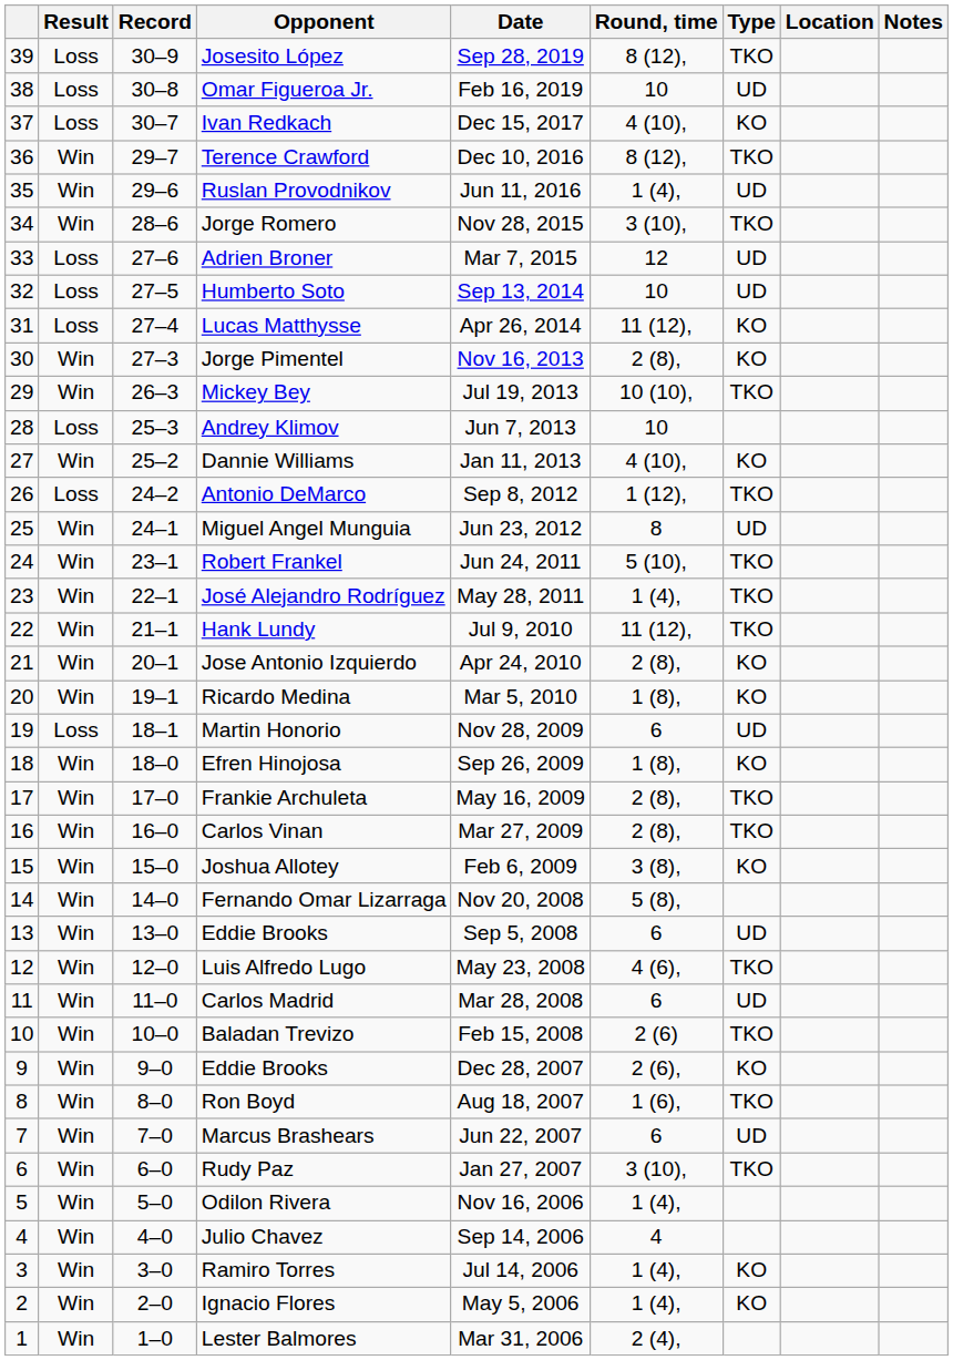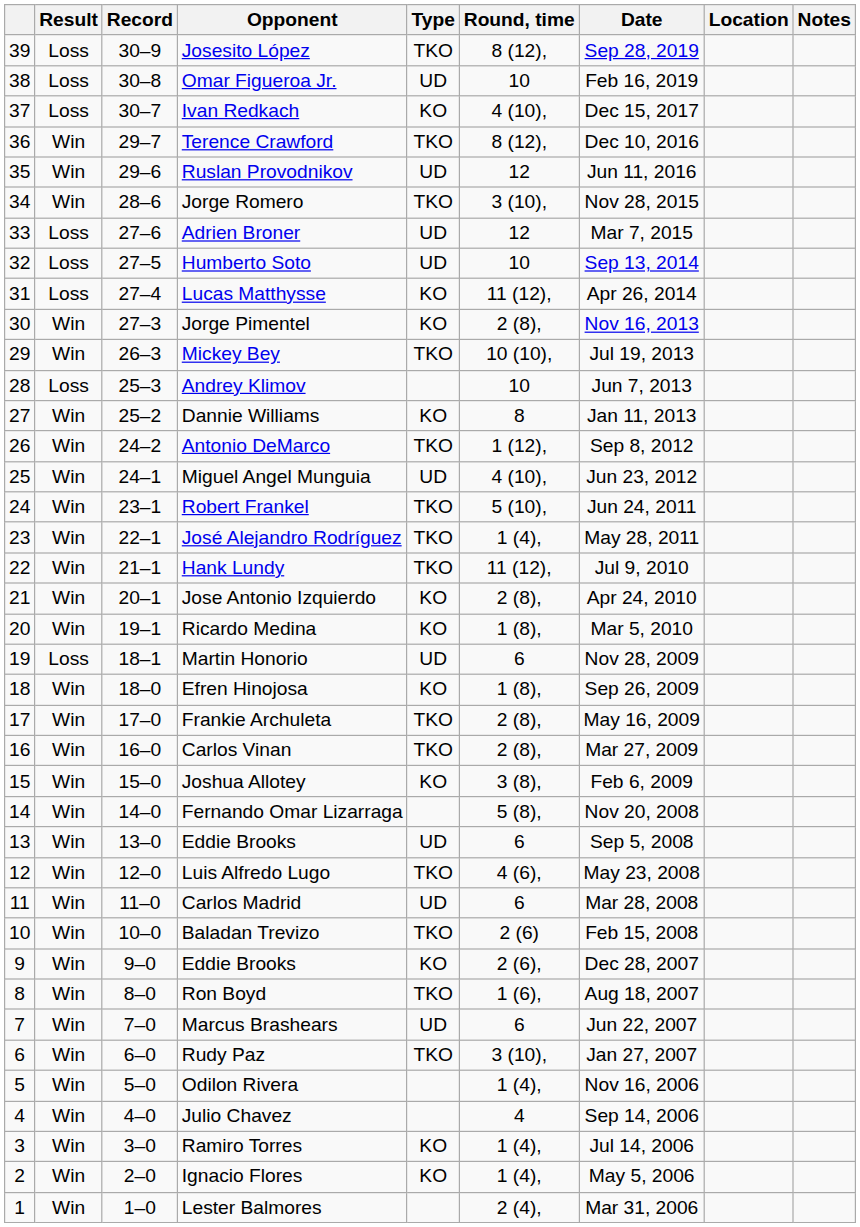 <table class="wikitable" style="text-align:center">
 <tr>
 <th></th>
 <th>Result</th>
 <th>Record</th>
 <th>Opponent</th>
+<th>Type</th>
+<th>Round, time</th>
 <th>Date</th>
-<th>Round, time</th>
-<th>Type</th>
 <th>Location</th>
 <th>Notes</th>
 </tr>
 <tr>
 <td>39</td>
 <td>Loss</td>
 <td>30–9</td>
 <td style="text-align:left;"><a href='#'>Josesito López</a></td>
+<td>TKO</td>
+<td>8 (12), </td>
 <td><a href='#'>Sep 28, 2019</a></td>
-<td>8 (12), </td>
-<td>TKO</td>
 <td style="text-align:left;"></td>
 <td></td>
 </tr>
 <tr>
 <td>38</td>
 <td>Loss</td>
 <td>30–8</td>
 <td style="text-align:left;"><a href='#'>Omar Figueroa Jr.</a></td>
+<td>UD</td>
+<td>10</td>
 <td>Feb 16, 2019</td>
-<td>10</td>
-<td>UD</td>
 <td style="text-align:left;"></td>
 <td></td>
 </tr>
 <tr>
 <td>37</td>
 <td>Loss</td>
 <td>30–7</td>
 <td style="text-align:left;"><a href='#'>Ivan Redkach</a></td>
+<td>KO</td>
+<td>4 (10), </td>
 <td>Dec 15, 2017</td>
-<td>4 (10), </td>
-<td>KO</td>
 <td style="text-align:left;"></td>
 <td></td>
 </tr>
 <tr>
 <td>36</td>
 <td>Win</td>
 <td>29–7</td>
 <td style="text-align:left;"><a href='#'>Terence Crawford</a></td>
+<td>TKO</td>
+<td>8 (12), </td>
 <td>Dec 10, 2016</td>
-<td>8 (12), </td>
-<td>TKO</td>
 <td style="text-align:left;"></td>
 <td style="text-align:left;"></td>
 </tr>
 <tr>
 <td>35</td>
 <td>Win</td>
 <td>29–6</td>
 <td style="text-align:left;"><a href='#'>Ruslan Provodnikov</a></td>
+<td>UD</td>
+<td>12</td>
 <td>Jun 11, 2016</td>
-<td>1 (4), </td>
-<td>UD</td>
 <td style="text-align:left;"></td>
 <td style="text-align:left;"></td>
 </tr>
 <tr>
 <td>34</td>
 <td>Win</td>
 <td>28–6</td>
 <td style="text-align:left;">Jorge Romero</td>
+<td>TKO</td>
+<td>3 (10), </td>
 <td>Nov 28, 2015</td>
-<td>3 (10), </td>
-<td>TKO</td>
 <td style="text-align:left;"></td>
 <td></td>
 </tr>
 <tr>
 <td>33</td>
 <td>Loss</td>
 <td>27–6</td>
 <td style="text-align:left;"><a href='#'>Adrien Broner</a></td>
+<td>UD</td>
+<td>12</td>
 <td>Mar 7, 2015</td>
-<td>12</td>
-<td>UD</td>
 <td style ="text-align:left;"></td>
 <td></td>
 </tr>
 <tr>
 <td>32</td>
 <td>Loss</td>
 <td>27–5</td>
 <td style="text-align:left;"><a href='#'>Humberto Soto</a></td>
+<td>UD</td>
+<td>10</td>
 <td><a href='#'>Sep 13, 2014</a></td>
-<td>10</td>
-<td>UD</td>
 <td style="text-align:left;"></td>
 <td></td>
 </tr>
 <tr>
 <td>31</td>
 <td>Loss</td>
 <td>27–4</td>
 <td style="text-align:left;"><a href='#'>Lucas Matthysse</a></td>
+<td>KO</td>
+<td>11 (12), </td>
 <td>Apr 26, 2014</td>
-<td>11 (12), </td>
-<td>KO</td>
 <td style="text-align:left;"></td>
 <td style="text-align:left;"></td>
 </tr>
 <tr>
 <td>30</td>
 <td>Win</td>
 <td>27–3</td>
 <td style="text-align:left;">Jorge Pimentel</td>
+<td>KO</td>
+<td>2 (8), </td>
 <td><a href='#'>Nov 16, 2013</a></td>
-<td>2 (8), </td>
-<td>KO</td>
 <td style="text-align:left;"></td>
 <td></td>
 </tr>
 <tr>
 <td>29</td>
 <td>Win</td>
 <td>26–3</td>
 <td style="text-align:left;"><a href='#'>Mickey Bey</a></td>
+<td>TKO</td>
+<td>10 (10), </td>
 <td>Jul 19, 2013</td>
-<td>10 (10), </td>
-<td>TKO</td>
 <td style="text-align:left;"></td>
 <td></td>
 </tr>
 <tr>
 <td>28</td>
 <td>Loss</td>
 <td>25–3</td>
 <td style="text-align:left;"><a href='#'>Andrey Klimov</a></td>
+<td></td>
+<td>10</td>
 <td>Jun 7, 2013</td>
-<td>10</td>
-<td></td>
 <td style="text-align:left;"></td>
 <td></td>
 </tr>
 <tr>
 <td>27</td>
 <td>Win</td>
 <td>25–2</td>
 <td style="text-align:left;">Dannie Williams</td>
+<td>KO</td>
+<td>8</td>
 <td>Jan 11, 2013</td>
-<td>4 (10), </td>
-<td>KO</td>
 <td style="text-align:left;"></td>
 <td></td>
 </tr>
 <tr>
 <td>26</td>
-<td>Loss</td>
+<td>Win</td>
 <td>24–2</td>
 <td style="text-align:left;"><a href='#'>Antonio DeMarco</a></td>
+<td>TKO</td>
+<td>1 (12), </td>
 <td>Sep 8, 2012</td>
-<td>1 (12), </td>
-<td>TKO</td>
 <td style="text-align:left;"></td>
 <td style="text-align:left;"></td>
 </tr>
 <tr>
 <td>25</td>
 <td>Win</td>
 <td>24–1</td>
 <td style="text-align:left;">Miguel Angel Munguia</td>
+<td>UD</td>
+<td>4 (10), </td>
 <td>Jun 23, 2012</td>
-<td>8</td>
-<td>UD</td>
 <td style="text-align:left;"></td>
 <td></td>
 </tr>
 <tr>
 <td>24</td>
 <td>Win</td>
 <td>23–1</td>
 <td style="text-align:left;"><a href='#'>Robert Frankel</a></td>
+<td>TKO</td>
+<td>5 (10), </td>
 <td>Jun 24, 2011</td>
-<td>5 (10), </td>
-<td>TKO</td>
 <td style="text-align:left;"></td>
 <td></td>
 </tr>
 <tr>
 <td>23</td>
 <td>Win</td>
 <td>22–1</td>
 <td style="text-align:left;"><a href='#'>José Alejandro Rodríguez</a></td>
+<td>TKO</td>
+<td>1 (4), </td>
 <td>May 28, 2011</td>
-<td>1 (4), </td>
-<td>TKO</td>
 <td style="text-align:left;"></td>
 <td style="text-align:left;"></td>
 </tr>
 <tr>
 <td>22</td>
 <td>Win</td>
 <td>21–1</td>
 <td style="text-align:left;"><a href='#'>Hank Lundy</a></td>
+<td>TKO</td>
+<td>11 (12), </td>
 <td>Jul 9, 2010</td>
-<td>11 (12), </td>
-<td>TKO</td>
 <td style="text-align:left;"></td>
 <td style="text-align:left;"></td>
 </tr>
 <tr>
 <td>21</td>
 <td>Win</td>
 <td>20–1</td>
 <td style="text-align:left;">Jose Antonio Izquierdo</td>
+<td>KO</td>
+<td>2 (8), </td>
 <td>Apr 24, 2010</td>
-<td>2 (8), </td>
-<td>KO</td>
 <td style="text-align:left;"></td>
 <td></td>
 </tr>
 <tr>
 <td>20</td>
 <td>Win</td>
 <td>19–1</td>
 <td style="text-align:left;">Ricardo Medina</td>
+<td>KO</td>
+<td>1 (8), </td>
 <td>Mar 5, 2010</td>
-<td>1 (8), </td>
-<td>KO</td>
 <td style="text-align:left;"></td>
 <td></td>
 </tr>
 <tr>
 <td>19</td>
 <td>Loss</td>
 <td>18–1</td>
 <td style="text-align:left;">Martin Honorio</td>
+<td>UD</td>
+<td>6</td>
 <td>Nov 28, 2009</td>
-<td>6</td>
-<td>UD</td>
 <td style="text-align:left;"></td>
 <td style="text-align:left;"></td>
 </tr>
 <tr>
 <td>18</td>
 <td>Win</td>
 <td>18–0</td>
 <td style="text-align:left;">Efren Hinojosa</td>
+<td>KO</td>
+<td>1 (8), </td>
 <td>Sep 26, 2009</td>
-<td>1 (8), </td>
-<td>KO</td>
 <td style="text-align:left;"></td>
 <td></td>
 </tr>
 <tr>
 <td>17</td>
 <td>Win</td>
 <td>17–0</td>
 <td style="text-align:left;">Frankie Archuleta</td>
+<td>TKO</td>
+<td>2 (8), </td>
 <td>May 16, 2009</td>
-<td>2 (8), </td>
-<td>TKO</td>
 <td style="text-align:left;"></td>
 <td></td>
 </tr>
 <tr>
 <td>16</td>
 <td>Win</td>
 <td>16–0</td>
 <td style="text-align:left;">Carlos Vinan</td>
+<td>TKO</td>
+<td>2 (8), </td>
 <td>Mar 27, 2009</td>
-<td>2 (8), </td>
-<td>TKO</td>
 <td style="text-align:left;"></td>
 <td></td>
 </tr>
 <tr>
 <td>15</td>
 <td>Win</td>
 <td>15–0</td>
 <td style="text-align:left;">Joshua Allotey</td>
+<td>KO</td>
+<td>3 (8), </td>
 <td>Feb 6, 2009</td>
-<td>3 (8), </td>
-<td>KO</td>
 <td style="text-align:left;"></td>
 <td></td>
 </tr>
 <tr>
 <td>14</td>
 <td>Win</td>
 <td>14–0</td>
 <td style="text-align:left;">Fernando Omar Lizarraga</td>
+<td></td>
+<td>5 (8), </td>
 <td>Nov 20, 2008</td>
-<td>5 (8), </td>
-<td></td>
 <td style="text-align:left;"></td>
 <td></td>
 </tr>
 <tr>
 <td>13</td>
 <td>Win</td>
 <td>13–0</td>
 <td style="text-align:left;">Eddie Brooks</td>
+<td>UD</td>
+<td>6</td>
 <td>Sep 5, 2008</td>
-<td>6</td>
-<td>UD</td>
 <td style="text-align:left;"></td>
 <td></td>
 </tr>
 <tr>
 <td>12</td>
 <td>Win</td>
 <td>12–0</td>
 <td style="text-align:left;">Luis Alfredo Lugo</td>
+<td>TKO</td>
+<td>4 (6), </td>
 <td>May 23, 2008</td>
-<td>4 (6), </td>
-<td>TKO</td>
 <td style="text-align:left;"></td>
 <td></td>
 </tr>
 <tr>
 <td>11</td>
 <td>Win</td>
 <td>11–0</td>
 <td style="text-align:left;">Carlos Madrid</td>
+<td>UD</td>
+<td>6</td>
 <td>Mar 28, 2008</td>
-<td>6</td>
-<td>UD</td>
 <td style="text-align:left;"></td>
 <td></td>
 </tr>
 <tr>
 <td>10</td>
 <td>Win</td>
 <td>10–0</td>
 <td style="text-align:left;">Baladan Trevizo</td>
+<td>TKO</td>
+<td>2 (6)</td>
 <td>Feb 15, 2008</td>
-<td>2 (6)</td>
-<td>TKO</td>
 <td style="text-align:left;"></td>
 <td></td>
 </tr>
 <tr>
 <td>9</td>
 <td>Win</td>
 <td>9–0</td>
 <td style="text-align:left;">Eddie Brooks</td>
+<td>KO</td>
+<td>2 (6), </td>
 <td>Dec 28, 2007</td>
-<td>2 (6), </td>
-<td>KO</td>
 <td style="text-align:left;"></td>
 <td></td>
 </tr>
 <tr>
 <td>8</td>
 <td>Win</td>
 <td>8–0</td>
 <td style="text-align:left;">Ron Boyd</td>
+<td>TKO</td>
+<td>1 (6), </td>
 <td>Aug 18, 2007</td>
-<td>1 (6), </td>
-<td>TKO</td>
 <td style="text-align:left;"></td>
 <td></td>
 </tr>
 <tr>
 <td>7</td>
 <td>Win</td>
 <td>7–0</td>
 <td style="text-align:left;">Marcus Brashears</td>
+<td>UD</td>
+<td>6</td>
 <td>Jun 22, 2007</td>
-<td>6</td>
-<td>UD</td>
 <td style="text-align:left;"></td>
 <td></td>
 </tr>
 <tr>
 <td>6</td>
 <td>Win</td>
 <td>6–0</td>
 <td style="text-align:left;">Rudy Paz</td>
+<td>TKO</td>
+<td>3 (10), </td>
 <td>Jan 27, 2007</td>
-<td>3 (10), </td>
-<td>TKO</td>
 <td style="text-align:left;"></td>
 <td></td>
 </tr>
 <tr>
 <td>5</td>
 <td>Win</td>
 <td>5–0</td>
 <td style="text-align:left;">Odilon Rivera</td>
+<td></td>
+<td>1 (4), </td>
 <td>Nov 16, 2006</td>
-<td>1 (4), </td>
-<td></td>
 <td style="text-align:left;"></td>
 <td></td>
 </tr>
 <tr>
 <td>4</td>
 <td>Win</td>
 <td>4–0</td>
 <td style="text-align:left;">Julio Chavez</td>
+<td></td>
+<td>4</td>
 <td>Sep 14, 2006</td>
-<td>4</td>
-<td></td>
 <td style="text-align:left;"></td>
 <td></td>
 </tr>
 <tr>
 <td>3</td>
 <td>Win</td>
 <td>3–0</td>
 <td style="text-align:left;">Ramiro Torres</td>
+<td>KO</td>
+<td>1 (4), </td>
 <td>Jul 14, 2006</td>
-<td>1 (4), </td>
-<td>KO</td>
 <td style="text-align:left;"></td>
 <td></td>
 </tr>
 <tr>
 <td>2</td>
 <td>Win</td>
 <td>2–0</td>
 <td style="text-align:left;">Ignacio Flores</td>
+<td>KO</td>
+<td>1 (4), </td>
 <td>May 5, 2006</td>
-<td>1 (4), </td>
-<td>KO</td>
 <td style="text-align:left;"></td>
 <td></td>
 </tr>
 <tr>
 <td>1</td>
 <td>Win</td>
 <td>1–0</td>
 <td style="text-align:left;">Lester Balmores</td>
+<td></td>
+<td>2 (4), </td>
 <td>Mar 31, 2006</td>
-<td>2 (4), </td>
-<td></td>
 <td style="text-align:left;"></td>
 <td></td>
 </tr>
 </table>
